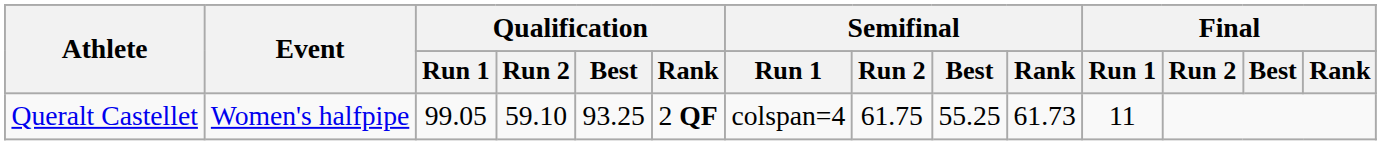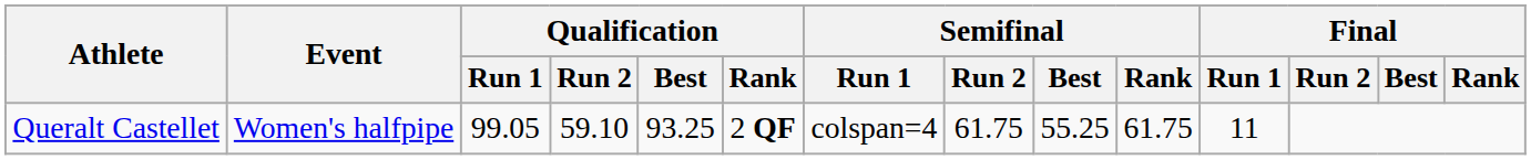 <table class="wikitable" style="font-size:90%">
 <tr>
 <th rowspan="2">Athlete</th>
 <th rowspan="2">Event</th>
 <th colspan="4">Qualification</th>
 <th colspan="4">Semifinal</th>
 <th colspan="4">Final</th>
 </tr>
 <tr style="font-size:95%">
 <th>Run 1</th>
 <th>Run 2</th>
 <th>Best</th>
 <th>Rank</th>
 <th>Run 1</th>
 <th>Run 2</th>
 <th>Best</th>
 <th>Rank</th>
 <th>Run 1</th>
 <th>Run 2</th>
 <th>Best</th>
 <th>Rank</th>
 </tr>
 <tr align=center>
 <td align=left><a href='#'>Queralt Castellet</a></td>
 <td align=left><a href='#'>Women's halfpipe</a></td>
 <td>99.05</td>
 <td>59.10</td>
 <td>93.25</td>
 <td>2 <strong>QF</strong></td>
 <td>colspan=4 </td>
 <td>61.75</td>
 <td>55.25</td>
-<td>61.73</td>
+<td>61.75</td>
 <td>11</td>
 </tr>
 </table>
